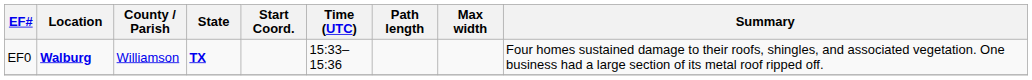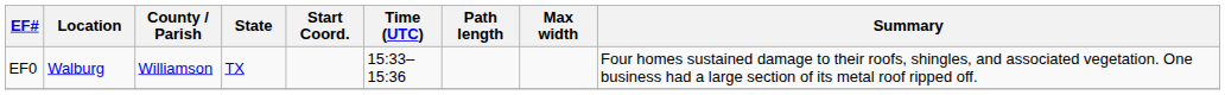 <table class="wikitable sortable" style="width:100%;">
 <tr>
 <th scope="col" style="width:3%; text-align:center;"><a href='#'>EF#</a></th>
 <th scope="col" style="width:7%; text-align:center;" class="unsortable">Location</th>
 <th scope="col" style="width:6%; text-align:center;" class="unsortable">County / Parish</th>
 <th scope="col" style="width:5%; text-align:center;">State</th>
 <th scope="col" style="width:6%; text-align:center;">Start Coord.</th>
 <th scope="col" style="width:6%; text-align:center;">Time (<a href='#'>UTC</a>)</th>
 <th scope="col" style="width:6%; text-align:center;">Path length</th>
 <th scope="col" style="width:6%; text-align:center;">Max width</th>
 <th scope="col" class="unsortable" style="width:48%; text-align:center;">Summary</th>
 </tr>
 <tr>
 <td>EF0</td>
-<td><strong><a href='#'>Walburg</a></strong></td>
+<td><a href='#'>Walburg</a></td>
 <td><a href='#'>Williamson</a></td>
-<td><strong><a href='#'>TX</a></strong></td>
+<td><a href='#'>TX</a></td>
 <td></td>
 <td>15:33–15:36</td>
 <td></td>
 <td></td>
 <td>Four homes sustained damage to their roofs, shingles, and associated vegetation. One business had a large section of its metal roof ripped off.</td>
 </tr>
 <tr>
 </tr>
 </table>
